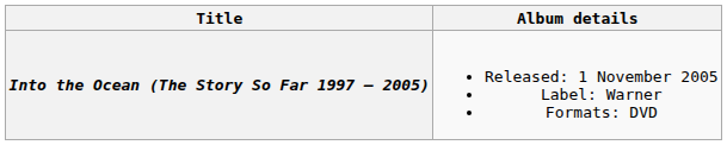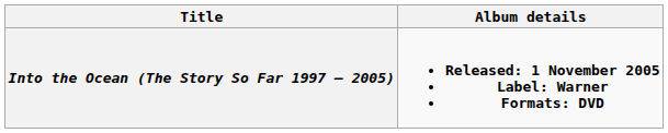 <table class="wikitable plainrowheaders" style="text-align:center;">
 <tr>
 <th scope="col">Title</th>
 <th scope="col">Album details</th>
 </tr>
 <tr>
 <th scope="row"><em>Into the Ocean (The Story So Far 1997 – 2005)</em></th>
-<td><br><ul><li>Released: 1 November 2005 </li><li>Label: Warner</li><li>Formats: DVD</li></ul></td>
+<td><strong><br><ul><li>Released: 1 November 2005 </li><li>Label: Warner</li><li>Formats: DVD</li></ul></strong></td>
 </tr>
 </table>
